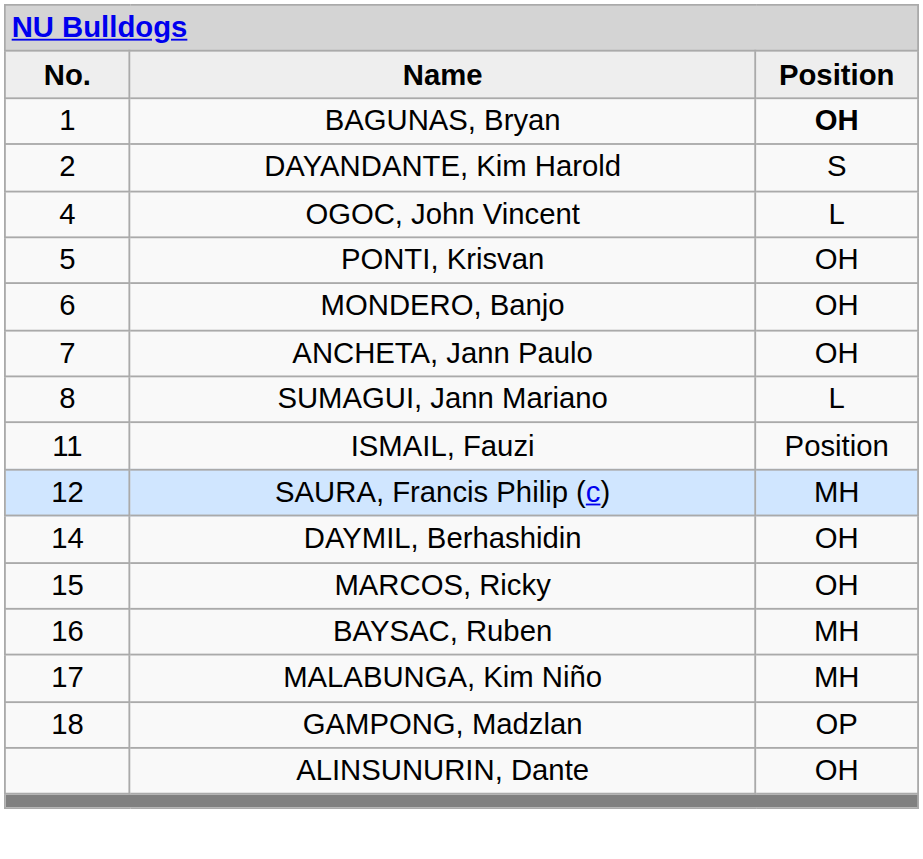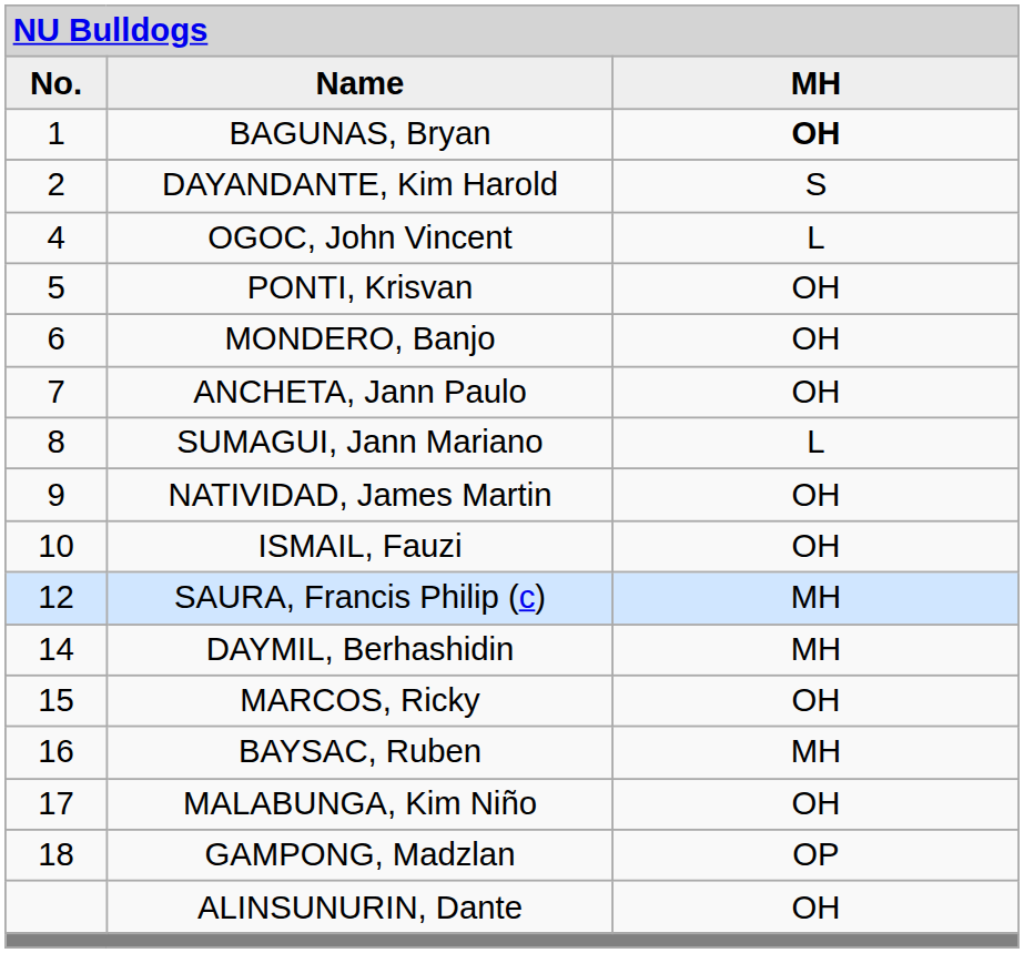 <table class='wikitable mw-collapsible mw-collapsed' style="text-align: center; width: 500px; border: none">
 <tr>
 <th style="background:#D4D4D4; text-align:left;" colspan=3><a href='#'>NU Bulldogs</a></th>
 </tr>
 <tr style="background:#EEEEEE; font-weight:bold;">
 <td width=10%>No.</td>
 <td width=50%>Name</td>
-<td width=10%>Position</td>
+<td align=center>MH</td>
 </tr>
 <tr>
 <td align=center>1</td>
 <td>BAGUNAS, Bryan</td>
 <td align=center><strong>OH</strong></td>
 </tr>
 <tr>
 <td align=center>2</td>
 <td>DAYANDANTE, Kim Harold</td>
 <td align=center>S</td>
 </tr>
 <tr>
 <td align=center>4</td>
 <td>OGOC, John Vincent</td>
 <td align=center>L</td>
 </tr>
 <tr>
 <td align=center>5</td>
 <td>PONTI, Krisvan</td>
 <td align=center>OH</td>
 </tr>
 <tr>
 <td align=center>6</td>
 <td>MONDERO, Banjo</td>
 <td align=center>OH</td>
 </tr>
 <tr>
 <td align=center>7</td>
 <td>ANCHETA, Jann Paulo</td>
 <td align=center>OH</td>
 </tr>
 <tr>
 <td align=center>8</td>
 <td>SUMAGUI, Jann Mariano</td>
 <td align=center>L</td>
 </tr>
 <tr>
-<td align=center>11</td>
+<td align=center>9</td>
+<td>NATIVIDAD, James Martin</td>
+<td align=center>OH</td>
+</tr>
+<tr>
+<td align=center>10</td>
 <td>ISMAIL, Fauzi</td>
-<td width=10%>Position</td>
+<td align=center>OH</td>
 </tr>
 <tr style="background: #D0E6FF">
 <td align=center>12</td>
 <td>SAURA, Francis Philip (<a href='#'>c</a>)</td>
 <td align=center>MH</td>
 </tr>
 <tr>
 <td align=center>14</td>
 <td>DAYMIL, Berhashidin</td>
-<td align=center>OH</td>
+<td align=center>MH</td>
 </tr>
 <tr>
 <td align=center>15</td>
 <td>MARCOS, Ricky</td>
 <td align=center>OH</td>
 </tr>
 <tr>
 <td align=center>16</td>
 <td>BAYSAC, Ruben</td>
 <td align=center>MH</td>
 </tr>
 <tr>
 <td align=center>17</td>
 <td>MALABUNGA, Kim Niño</td>
-<td align=center>MH</td>
+<td align=center>OH</td>
 </tr>
 <tr>
 <td align=center>18</td>
 <td>GAMPONG, Madzlan</td>
 <td align=center>OP</td>
 </tr>
 <tr>
 <td align=center></td>
 <td>ALINSUNURIN, Dante</td>
 <td align=center>OH</td>
 </tr>
 <tr>
 <th style='background: grey;' colspan=3></th>
 </tr>
 </table>
